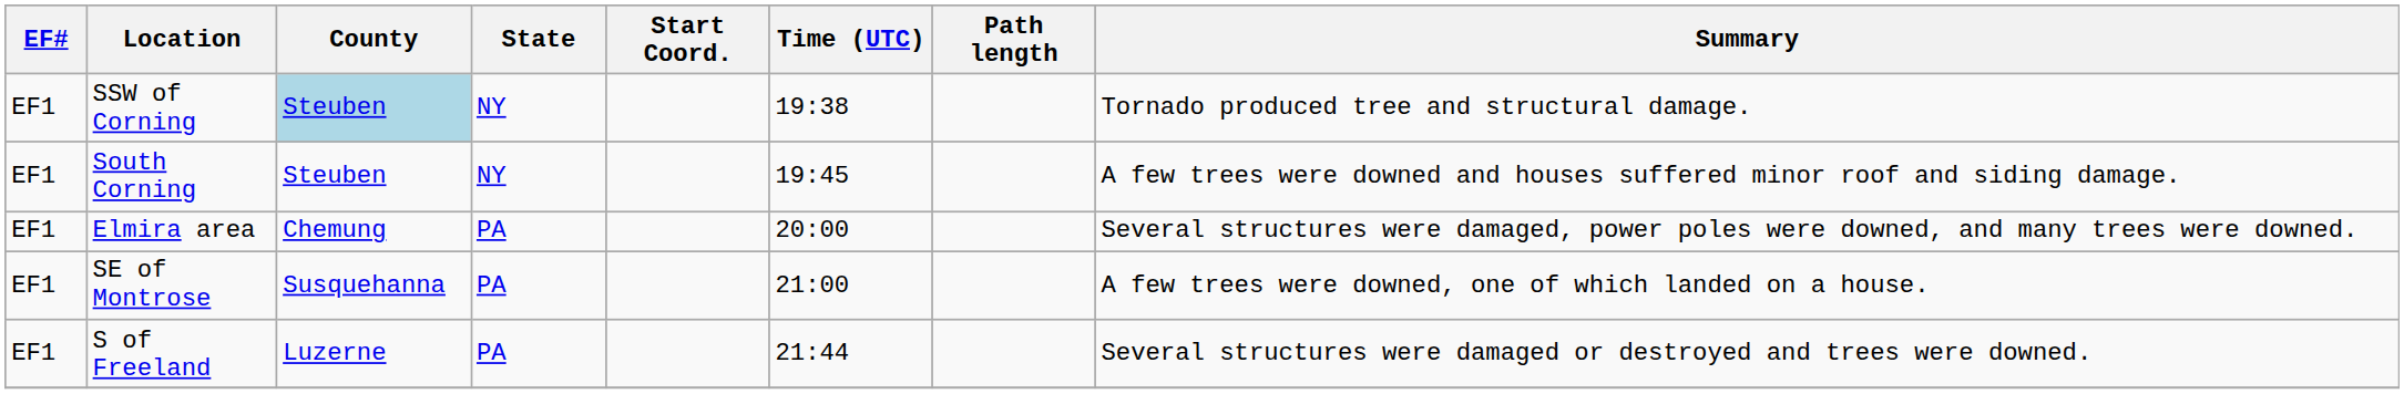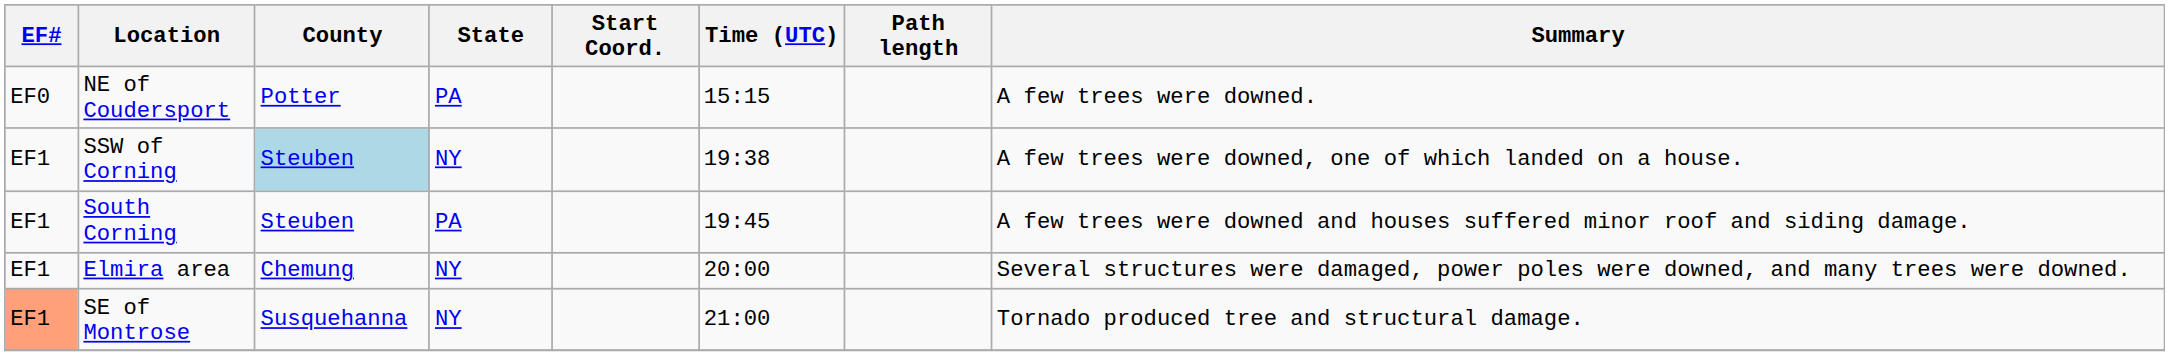 <table class="wikitable sortable" style="width:100%;">
 <tr>
 <th scope="col"  style="width:3%; text-align:center;"><a href='#'>EF#</a></th>
 <th scope="col"  style="width:7%; text-align:center;" class="unsortable">Location</th>
 <th scope="col"  style="width:6%; text-align:center;" class="unsortable">County</th>
 <th scope="col"  style="width:5%; text-align:center;">State</th>
 <th scope="col"  style="width:6%; text-align:center;">Start Coord.</th>
 <th scope="col"  style="width:6%; text-align:center;">Time (<a href='#'>UTC</a>)</th>
 <th scope="col"  style="width:6%; text-align:center;">Path length</th>
 <th scope="col" class="unsortable" style="width:48%; text-align:center;">Summary</th>
 </tr>
 <tr>
+<td>EF0</td>
+<td>NE of <a href='#'>Coudersport</a></td>
+<td><a href='#'>Potter</a></td>
+<td><a href='#'>PA</a></td>
+<td></td>
+<td>15:15</td>
+<td></td>
+<td>A few trees were downed.</td>
+</tr>
+<tr>
 <td>EF1</td>
 <td>SSW of <a href='#'>Corning</a></td>
 <td style="background: lightblue;"><a href='#'>Steuben</a></td>
 <td><a href='#'>NY</a></td>
 <td></td>
 <td>19:38</td>
 <td></td>
-<td>Tornado produced tree and structural damage.</td>
+<td>A few trees were downed, one of which landed on a house.</td>
 </tr>
 <tr>
 <td>EF1</td>
 <td><a href='#'>South Corning</a></td>
 <td><a href='#'>Steuben</a></td>
-<td><a href='#'>NY</a></td>
+<td><a href='#'>PA</a></td>
 <td></td>
 <td>19:45</td>
 <td></td>
 <td>A few trees were downed and houses suffered minor roof and siding damage.</td>
 </tr>
 <tr>
 <td>EF1</td>
 <td><a href='#'>Elmira</a> area</td>
 <td><a href='#'>Chemung</a></td>
-<td><a href='#'>PA</a></td>
+<td><a href='#'>NY</a></td>
 <td></td>
 <td>20:00</td>
 <td></td>
 <td>Several structures were damaged, power poles were downed, and many trees were downed.</td>
 </tr>
 <tr>
-<td>EF1</td>
+<td style="background: lightsalmon;">EF1</td>
 <td>SE of <a href='#'>Montrose</a></td>
 <td><a href='#'>Susquehanna</a></td>
-<td><a href='#'>PA</a></td>
+<td><a href='#'>NY</a></td>
 <td></td>
 <td>21:00</td>
 <td></td>
-<td>A few trees were downed, one of which landed on a house.</td>
-</tr>
-<tr>
-<td>EF1</td>
-<td>S of <a href='#'>Freeland</a></td>
-<td><a href='#'>Luzerne</a></td>
-<td><a href='#'>PA</a></td>
-<td></td>
-<td>21:44</td>
-<td></td>
-<td>Several structures were damaged or destroyed and trees were downed.</td>
+<td>Tornado produced tree and structural damage.</td>
 </tr>
 <tr>
 </tr>
 </table>
